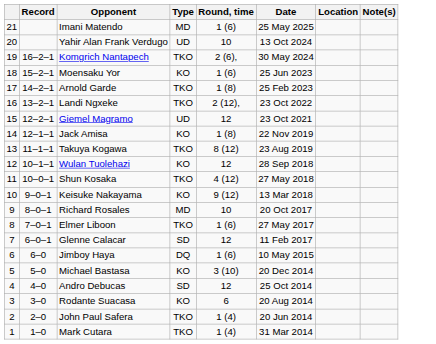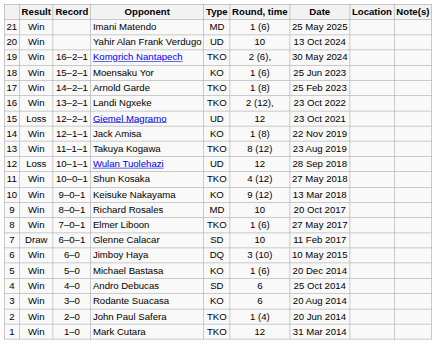 <table class="wikitable" style="text-align:center">
 <tr>
 <th></th>
+<th>Result</th>
 <th>Record</th>
 <th>Opponent</th>
 <th>Type</th>
 <th>Round, time</th>
 <th>Date</th>
 <th>Location</th>
 <th>Note(s)</th>
 </tr>
 <tr>
 <td>21</td>
+<td>Win</td>
 <td></td>
 <td align=left>Imani Matendo</td>
 <td>MD</td>
 <td>1 (6) </td>
 <td>25 May 2025</td>
 <td align=left></td>
 <td align=left></td>
 </tr>
 <tr>
 <td>20</td>
+<td>Win</td>
 <td></td>
 <td align=left>Yahir Alan Frank Verdugo</td>
 <td>UD</td>
 <td>10</td>
 <td>13 Oct 2024</td>
 <td align=left></td>
 <td align=left></td>
 </tr>
 <tr>
 <td>19</td>
+<td>Win</td>
 <td>16–2–1</td>
 <td align=left><a href='#'>Komgrich Nantapech</a></td>
 <td>TKO</td>
 <td>2 (6), </td>
 <td>30 May 2024</td>
 <td align=left></td>
 <td></td>
 </tr>
 <tr>
 <td>18</td>
+<td>Win</td>
 <td>15–2–1</td>
 <td align=left>Moensaku Yor</td>
 <td>KO</td>
 <td>1 (6) </td>
 <td>25 Jun 2023</td>
 <td align=left></td>
 <td></td>
 </tr>
 <tr>
 <td>17</td>
+<td>Win</td>
 <td>14–2–1</td>
 <td align=left>Arnold Garde</td>
 <td>TKO</td>
 <td>1 (8) </td>
 <td>25 Feb 2023</td>
 <td align=left></td>
 <td></td>
 </tr>
 <tr>
 <td>16</td>
+<td>Win</td>
 <td>13–2–1</td>
 <td align=left>Landi Ngxeke</td>
 <td>TKO</td>
 <td>2 (12), </td>
 <td>23 Oct 2022</td>
 <td align=left></td>
 <td align=left></td>
 </tr>
 <tr>
 <td>15</td>
+<td>Loss</td>
 <td>12–2–1</td>
 <td align=left><a href='#'>Giemel Magramo</a></td>
 <td>UD</td>
 <td>12</td>
 <td>23 Oct 2021</td>
 <td align=left></td>
 <td align=left></td>
 </tr>
 <tr>
 <td>14</td>
+<td>Win</td>
 <td>12–1–1</td>
 <td align=left>Jack Amisa</td>
 <td>KO</td>
 <td>1 (8) </td>
 <td>22 Nov 2019</td>
 <td align=left></td>
 <td></td>
 </tr>
 <tr>
 <td>13</td>
+<td>Win</td>
 <td>11–1–1</td>
 <td align=left>Takuya Kogawa</td>
 <td>TKO</td>
 <td>8 (12) </td>
 <td>23 Aug 2019</td>
 <td align=left></td>
 <td align=left></td>
 </tr>
 <tr>
 <td>12</td>
+<td>Loss</td>
 <td>10–1–1</td>
 <td align=left><a href='#'>Wulan Tuolehazi</a></td>
-<td>KO</td>
+<td>UD</td>
 <td>12</td>
 <td>28 Sep 2018</td>
 <td align=left></td>
 <td align=left></td>
 </tr>
 <tr>
 <td>11</td>
+<td>Win</td>
 <td>10–0–1</td>
 <td align=left>Shun Kosaka</td>
 <td>TKO</td>
 <td>4 (12) </td>
 <td>27 May 2018</td>
 <td align=left></td>
 <td align=left></td>
 </tr>
 <tr>
 <td>10</td>
+<td>Win</td>
 <td>9–0–1</td>
 <td align=left>Keisuke Nakayama</td>
 <td>KO</td>
 <td>9 (12) </td>
 <td>13 Mar 2018</td>
 <td align=left></td>
 <td align=left></td>
 </tr>
 <tr>
 <td>9</td>
+<td>Win</td>
 <td>8–0–1</td>
 <td align=left>Richard Rosales</td>
 <td>MD</td>
 <td>10</td>
 <td>20 Oct 2017</td>
 <td align=left></td>
 <td align=left></td>
 </tr>
 <tr>
 <td>8</td>
+<td>Win</td>
 <td>7–0–1</td>
 <td align=left>Elmer Liboon</td>
 <td>TKO</td>
 <td>1 (6) </td>
 <td>27 May 2017</td>
 <td align=left></td>
 <td></td>
 </tr>
 <tr>
 <td>7</td>
+<td>Draw</td>
 <td>6–0–1</td>
 <td align=left>Glenne Calacar</td>
 <td>SD</td>
-<td>12</td>
+<td>10</td>
 <td>11 Feb 2017</td>
 <td align=left></td>
 <td align=left></td>
 </tr>
 <tr>
 <td>6</td>
+<td>Win</td>
 <td>6–0</td>
 <td align=left>Jimboy Haya</td>
 <td>DQ</td>
-<td>1 (6)</td>
+<td>3 (10) </td>
 <td>10 May 2015</td>
 <td align=left></td>
 <td align=left></td>
 </tr>
 <tr>
 <td>5</td>
+<td>Win</td>
 <td>5–0</td>
 <td align=left>Michael Bastasa</td>
 <td>KO</td>
-<td>3 (10) </td>
+<td>1 (6)</td>
 <td>20 Dec 2014</td>
 <td align=left></td>
 <td></td>
 </tr>
 <tr>
 <td>4</td>
+<td>Win</td>
 <td>4–0</td>
 <td align=left>Andro Debucas</td>
 <td>SD</td>
-<td>12</td>
+<td>6</td>
 <td>25 Oct 2014</td>
 <td align=left></td>
 <td></td>
 </tr>
 <tr>
 <td>3</td>
+<td>Win</td>
 <td>3–0</td>
 <td align=left>Rodante Suacasa</td>
 <td>KO</td>
 <td>6</td>
 <td>20 Aug 2014</td>
 <td align=left></td>
 <td></td>
 </tr>
 <tr>
 <td>2</td>
+<td>Win</td>
 <td>2–0</td>
 <td align=left>John Paul Safera</td>
 <td>TKO</td>
 <td>1 (4) </td>
 <td>20 Jun 2014</td>
 <td align=left></td>
 <td></td>
 </tr>
 <tr>
 <td>1</td>
+<td>Win</td>
 <td>1–0</td>
 <td align=left>Mark Cutara</td>
 <td>TKO</td>
-<td>1 (4) </td>
+<td>12</td>
 <td>31 Mar 2014</td>
 <td align=left></td>
 <td></td>
 </tr>
 </table>
